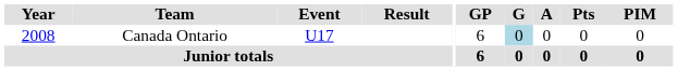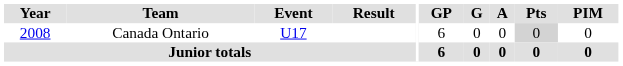 <table border="0" cellpadding="1" cellspacing="0" ID="Table3" style="text-align:center; width:40em">
 <tr ALIGN="center" bgcolor="#e0e0e0">
 <th>Year</th>
 <th>Team</th>
 <th>Event</th>
 <th>Result</th>
 <th rowspan="99" bgcolor="#ffffff"></th>
 <th>GP</th>
 <th>G</th>
 <th>A</th>
 <th>Pts</th>
 <th>PIM</th>
 </tr>
 <tr>
 <td><a href='#'>2008</a></td>
 <td>Canada Ontario</td>
 <td><a href='#'>U17</a></td>
 <td></td>
 <td>6</td>
-<td style="background: lightblue;">0</td>
 <td>0</td>
 <td>0</td>
+<td style="background: lightgrey;">0</td>
 <td>0</td>
 </tr>
 <tr ALIGN="center" bgcolor="#e0e0e0">
 <th colspan=4>Junior totals</th>
 <th>6</th>
 <th>0</th>
 <th>0</th>
 <th>0</th>
 <th>0</th>
 </tr>
 </table>
